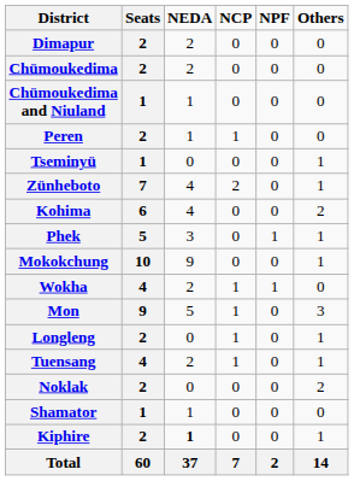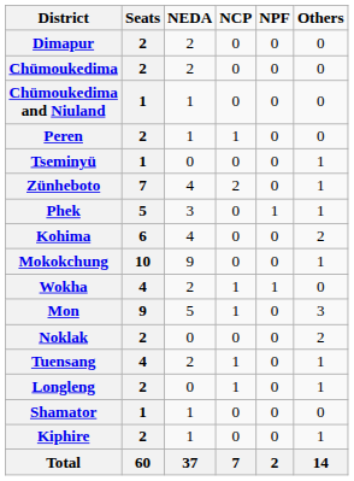 <table class="wikitable sortable" style="text-align:center;">
 <tr>
 <th>District</th>
 <th>Seats</th>
 <td><span><strong>NEDA</strong></span></td>
 <td><span><strong>NCP</strong></span></td>
 <td><span><strong>NPF</strong></span></td>
 <td><span><strong>Others</strong></span></td>
 </tr>
 <tr>
 <th><a href='#'>Dimapur</a></th>
 <th>2</th>
 <td style="background:">2</td>
 <td>0</td>
 <td>0</td>
 <td>0</td>
 </tr>
 <tr>
 <th><a href='#'>Chümoukedima</a></th>
 <th>2</th>
 <td style="background:">2</td>
 <td>0</td>
 <td>0</td>
 <td>0</td>
 </tr>
 <tr>
 <th><a href='#'>Chümoukedima</a><br>and <a href='#'>Niuland</a></th>
 <th>1</th>
 <td style="background:">1</td>
 <td>0</td>
 <td>0</td>
 <td>0</td>
 </tr>
 <tr>
 <th><a href='#'>Peren</a></th>
 <th>2</th>
 <td>1</td>
 <td>1</td>
 <td>0</td>
 <td>0</td>
 </tr>
 <tr>
 <th><a href='#'>Tseminyü</a></th>
 <th>1</th>
 <td>0</td>
 <td>0</td>
 <td>0</td>
 <td><span>1</span></td>
 </tr>
 <tr>
 <th><a href='#'>Zünheboto</a></th>
 <th>7</th>
 <td style="background:">4</td>
 <td>2</td>
 <td>0</td>
 <td>1</td>
 </tr>
 <tr>
+<th><a href='#'>Phek</a></th>
+<th>5</th>
+<td style="background:">3</td>
+<td>0</td>
+<td>1</td>
+<td>1</td>
+</tr>
+<tr>
 <th><a href='#'>Kohima</a></th>
 <th>6</th>
 <td style="background:">4</td>
 <td>0</td>
 <td>0</td>
 <td>2</td>
-</tr>
-<tr>
-<th><a href='#'>Phek</a></th>
-<th>5</th>
-<td style="background:">3</td>
-<td>0</td>
-<td>1</td>
-<td>1</td>
 </tr>
 <tr>
 <th><a href='#'>Mokokchung</a></th>
 <th>10</th>
 <td style="background:">9</td>
 <td>0</td>
 <td>0</td>
 <td>1</td>
 </tr>
 <tr>
 <th><a href='#'>Wokha</a></th>
 <th>4</th>
 <td style="background:">2</td>
 <td>1</td>
 <td>1</td>
 <td>0</td>
 </tr>
 <tr>
 <th><a href='#'>Mon</a></th>
 <th>9</th>
 <td style="background:">5</td>
 <td>1</td>
 <td>0</td>
 <td>3</td>
 </tr>
 <tr>
-<th><a href='#'>Longleng</a></th>
+<th><a href='#'>Noklak</a></th>
 <th>2</th>
 <td>0</td>
-<td>1</td>
 <td>0</td>
-<td>1</td>
+<td>0</td>
+<td><span>2</span></td>
 </tr>
 <tr>
 <th><a href='#'>Tuensang</a></th>
 <th>4</th>
 <td style="background:">2</td>
 <td>1</td>
 <td>0</td>
 <td>1</td>
 </tr>
 <tr>
-<th><a href='#'>Noklak</a></th>
+<th><a href='#'>Longleng</a></th>
 <th>2</th>
 <td>0</td>
+<td>1</td>
 <td>0</td>
-<td>0</td>
-<td><span>2</span></td>
+<td>1</td>
 </tr>
 <tr>
 <th><a href='#'>Shamator</a></th>
 <th>1</th>
 <td style="background:">1</td>
 <td>0</td>
 <td>0</td>
 <td>0</td>
 </tr>
 <tr>
 <th><a href='#'>Kiphire</a></th>
 <th>2</th>
-<td><strong>1</strong></td>
+<td>1</td>
 <td>0</td>
 <td>0</td>
 <td>1</td>
 </tr>
 <tr>
 <th>Total</th>
 <th>60</th>
 <th>37</th>
 <th>7</th>
 <th>2</th>
 <th>14</th>
 </tr>
 </table>
